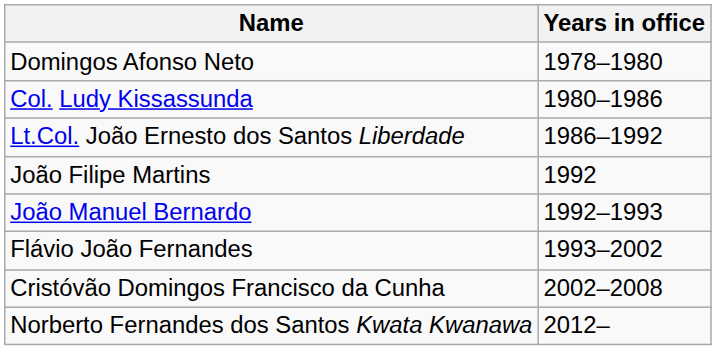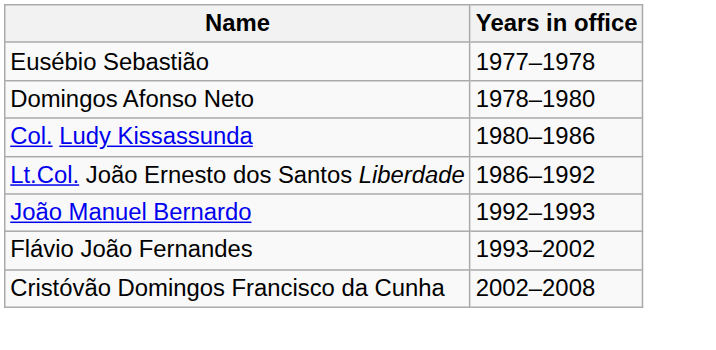 <table class="wikitable sortable">
 <tr>
 <th>Name</th>
 <th>Years in office</th>
+</tr>
+<tr>
+<td>Eusébio Sebastião</td>
+<td data-sort-value="02">1977–1978</td>
 </tr>
 <tr>
 <td>Domingos Afonso Neto</td>
 <td data-sort-value="03">1978–1980</td>
 </tr>
 <tr>
 <td><a href='#'>Col.</a> <a href='#'>Ludy Kissassunda</a></td>
 <td data-sort-value="03">1980–1986</td>
 </tr>
 <tr>
 <td><a href='#'>Lt.Col.</a> João Ernesto dos Santos <em>Liberdade</em></td>
 <td data-sort-value="07">1986–1992</td>
 </tr>
 <tr>
-<td>João Filipe Martins</td>
-<td data-sort-value="01">1992</td>
-</tr>
-<tr>
 <td><a href='#'>João Manuel Bernardo</a></td>
 <td data-sort-value="02">1992–1993</td>
 </tr>
 <tr>
 <td>Flávio João Fernandes</td>
 <td data-sort-value="10">1993–2002</td>
 </tr>
 <tr>
 <td>Cristóvão Domingos Francisco da Cunha</td>
 <td data-sort-value="02">2002–2008</td>
 </tr>
-<tr>
-<td>Norberto Fernandes dos Santos <em>Kwata Kwanawa</em></td>
-<td data-sort-value="08">2012–</td>
-</tr>
 </table>
